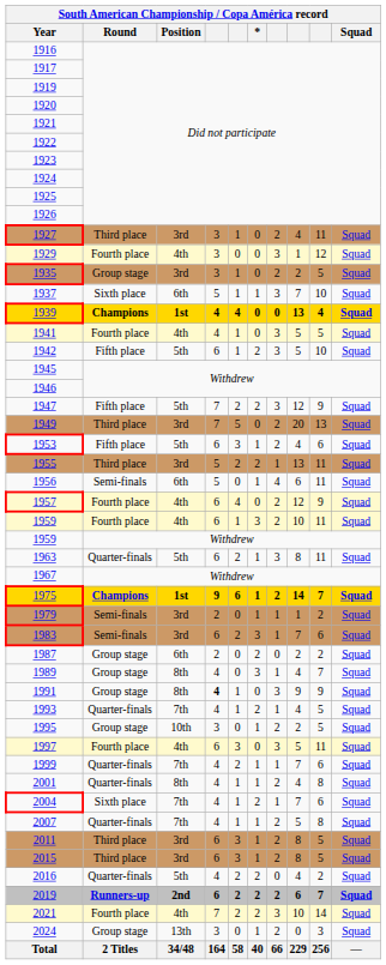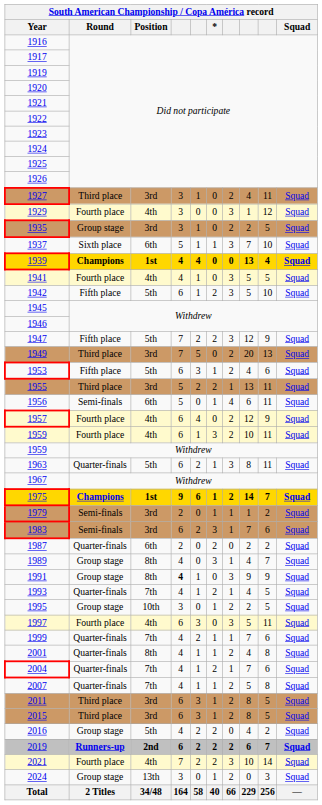 <table class="wikitable mw-collapsible mw-collapsed" style="text-align:center">
 <tr>
 <th colspan=10><a href='#'>South American Championship / Copa América</a> record</th>
 </tr>
 <tr>
 <th width=100>Year</th>
 <th width=95>Round</th>
 <th width=60>Position</th>
 <th width=20></th>
 <th width=20></th>
 <th width=20>*</th>
 <th width=20></th>
 <th width=20></th>
 <th width=20></th>
 <th width=60>Squad</th>
 </tr>
 <tr>
 <td> <a href='#'>1916</a></td>
 <td colspan=9 rowspan=10><em>Did not participate</em></td>
 </tr>
 <tr>
 <td> <a href='#'>1917</a></td>
 </tr>
 <tr>
 <td> <a href='#'>1919</a></td>
 </tr>
 <tr>
 <td> <a href='#'>1920</a></td>
 </tr>
 <tr>
 <td> <a href='#'>1921</a></td>
 </tr>
 <tr>
 <td> <a href='#'>1922</a></td>
 </tr>
 <tr>
 <td> <a href='#'>1923</a></td>
 </tr>
 <tr>
 <td> <a href='#'>1924</a></td>
 </tr>
 <tr>
 <td> <a href='#'>1925</a></td>
 </tr>
 <tr>
 <td> <a href='#'>1926</a></td>
 </tr>
 <tr style="background:#c96">
 <td style="border:3px solid red"> <a href='#'>1927</a></td>
 <td>Third place</td>
 <td>3rd</td>
 <td>3</td>
 <td>1</td>
 <td>0</td>
 <td>2</td>
 <td>4</td>
 <td>11</td>
 <td><a href='#'>Squad</a></td>
 </tr>
 <tr style="background:#fffacd">
 <td> <a href='#'>1929</a></td>
 <td>Fourth place</td>
 <td>4th</td>
 <td>3</td>
 <td>0</td>
 <td>0</td>
 <td>3</td>
 <td>1</td>
 <td>12</td>
 <td><a href='#'>Squad</a></td>
 </tr>
 <tr style="background:#c96">
 <td style="border:3px solid red"> <a href='#'>1935</a></td>
 <td>Group stage</td>
 <td>3rd</td>
 <td>3</td>
 <td>1</td>
 <td>0</td>
 <td>2</td>
 <td>2</td>
 <td>5</td>
 <td><a href='#'>Squad</a></td>
 </tr>
 <tr>
 <td> <a href='#'>1937</a></td>
 <td>Sixth place</td>
 <td>6th</td>
 <td>5</td>
 <td>1</td>
 <td>1</td>
 <td>3</td>
 <td>7</td>
 <td>10</td>
 <td><a href='#'>Squad</a></td>
 </tr>
 <tr style="background:gold">
 <td style="border:3px solid red"> <a href='#'>1939</a></td>
 <td><strong>Champions</strong></td>
 <td><strong>1st</strong></td>
 <td><strong>4</strong></td>
 <td><strong>4</strong></td>
 <td><strong>0</strong></td>
 <td><strong>0</strong></td>
 <td><strong>13</strong></td>
 <td><strong>4</strong></td>
 <td><strong><a href='#'>Squad</a></strong></td>
 </tr>
 <tr style="background:#fffacd">
 <td> <a href='#'>1941</a></td>
 <td>Fourth place</td>
 <td>4th</td>
 <td>4</td>
 <td>1</td>
 <td>0</td>
 <td>3</td>
 <td>5</td>
 <td>5</td>
 <td><a href='#'>Squad</a></td>
 </tr>
 <tr>
 <td> <a href='#'>1942</a></td>
 <td>Fifth place</td>
 <td>5th</td>
 <td>6</td>
 <td>1</td>
 <td>2</td>
 <td>3</td>
 <td>5</td>
 <td>10</td>
 <td><a href='#'>Squad</a></td>
 </tr>
 <tr>
 <td> <a href='#'>1945</a></td>
 <td colspan=9 rowspan=2><em>Withdrew</em></td>
 </tr>
 <tr>
 <td> <a href='#'>1946</a></td>
 </tr>
 <tr>
 <td> <a href='#'>1947</a></td>
 <td>Fifth place</td>
 <td>5th</td>
 <td>7</td>
 <td>2</td>
 <td>2</td>
 <td>3</td>
 <td>12</td>
 <td>9</td>
 <td><a href='#'>Squad</a></td>
 </tr>
 <tr style="background:#c96">
 <td> <a href='#'>1949</a></td>
 <td>Third place</td>
 <td>3rd</td>
 <td>7</td>
 <td>5</td>
 <td>0</td>
 <td>2</td>
 <td>20</td>
 <td>13</td>
 <td><a href='#'>Squad</a></td>
 </tr>
 <tr>
 <td style="border:3px solid red"> <a href='#'>1953</a></td>
 <td>Fifth place</td>
 <td>5th</td>
 <td>6</td>
 <td>3</td>
 <td>1</td>
 <td>2</td>
 <td>4</td>
 <td>6</td>
 <td><a href='#'>Squad</a></td>
 </tr>
 <tr style="background:#c96">
 <td> <a href='#'>1955</a></td>
 <td>Third place</td>
 <td>3rd</td>
 <td>5</td>
 <td>2</td>
 <td>2</td>
 <td>1</td>
 <td>13</td>
 <td>11</td>
 <td><a href='#'>Squad</a></td>
 </tr>
 <tr>
 <td> <a href='#'>1956</a></td>
 <td>Semi-finals</td>
 <td>6th</td>
 <td>5</td>
 <td>0</td>
 <td>1</td>
 <td>4</td>
 <td>6</td>
 <td>11</td>
 <td><a href='#'>Squad</a></td>
 </tr>
 <tr style="background:#fffacd">
 <td style="border:3px solid red"> <a href='#'>1957</a></td>
 <td>Fourth place</td>
 <td>4th</td>
 <td>6</td>
 <td>4</td>
 <td>0</td>
 <td>2</td>
 <td>12</td>
 <td>9</td>
 <td><a href='#'>Squad</a></td>
 </tr>
 <tr style="background:#fffacd">
 <td> <a href='#'>1959</a></td>
 <td>Fourth place</td>
 <td>4th</td>
 <td>6</td>
 <td>1</td>
 <td>3</td>
 <td>2</td>
 <td>10</td>
 <td>11</td>
 <td><a href='#'>Squad</a></td>
 </tr>
 <tr>
 <td> <a href='#'>1959</a></td>
 <td colspan=9><em>Withdrew</em></td>
 </tr>
 <tr>
 <td> <a href='#'>1963</a></td>
 <td>Quarter-finals</td>
 <td>5th</td>
 <td>6</td>
 <td>2</td>
 <td>1</td>
 <td>3</td>
 <td>8</td>
 <td>11</td>
 <td><a href='#'>Squad</a></td>
 </tr>
 <tr>
 <td> <a href='#'>1967</a></td>
 <td colspan=9><em>Withdrew</em></td>
 </tr>
 <tr style="background:gold">
 <td style="border:3px solid red"><a href='#'>1975</a></td>
 <td><strong><a href='#'>Champions</a></strong></td>
 <td><strong>1st</strong></td>
 <td><strong>9</strong></td>
 <td><strong>6</strong></td>
 <td><strong>1</strong></td>
 <td><strong>2</strong></td>
 <td><strong>14</strong></td>
 <td><strong>7</strong></td>
 <td><strong><a href='#'>Squad</a></strong></td>
 </tr>
 <tr style="background:#cc9966">
 <td style="border:3px solid red"><a href='#'>1979</a></td>
 <td>Semi-finals</td>
 <td>3rd</td>
 <td>2</td>
 <td>0</td>
 <td>1</td>
 <td>1</td>
 <td>1</td>
 <td>2</td>
 <td><a href='#'>Squad</a></td>
 </tr>
 <tr style="background:#cc9966">
 <td style="border:3px solid red"><a href='#'>1983</a></td>
 <td>Semi-finals</td>
 <td>3rd</td>
 <td>6</td>
 <td>2</td>
 <td>3</td>
 <td>1</td>
 <td>7</td>
 <td>6</td>
 <td><a href='#'>Squad</a></td>
 </tr>
 <tr>
 <td> <a href='#'>1987</a></td>
-<td>Group stage</td>
+<td>Quarter-finals</td>
 <td>6th</td>
 <td>2</td>
 <td>0</td>
 <td>2</td>
 <td>0</td>
 <td>2</td>
 <td>2</td>
 <td><a href='#'>Squad</a></td>
 </tr>
 <tr>
 <td> <a href='#'>1989</a></td>
 <td>Group stage</td>
 <td>8th</td>
 <td>4</td>
 <td>0</td>
 <td>3</td>
 <td>1</td>
 <td>4</td>
 <td>7</td>
 <td><a href='#'>Squad</a></td>
 </tr>
 <tr>
 <td> <a href='#'>1991</a></td>
 <td>Group stage</td>
 <td>8th</td>
 <td><strong>4</strong></td>
 <td>1</td>
 <td>0</td>
 <td>3</td>
 <td>9</td>
 <td>9</td>
 <td><a href='#'>Squad</a></td>
 </tr>
 <tr>
 <td> <a href='#'>1993</a></td>
 <td>Quarter-finals</td>
 <td>7th</td>
 <td>4</td>
 <td>1</td>
 <td>2</td>
 <td>1</td>
 <td>4</td>
 <td>5</td>
 <td><a href='#'>Squad</a></td>
 </tr>
 <tr>
 <td> <a href='#'>1995</a></td>
 <td>Group stage</td>
 <td>10th</td>
 <td>3</td>
 <td>0</td>
 <td>1</td>
 <td>2</td>
 <td>2</td>
 <td>5</td>
 <td><a href='#'>Squad</a></td>
 </tr>
 <tr style="background:#fffacd">
 <td> <a href='#'>1997</a></td>
 <td>Fourth place</td>
 <td>4th</td>
 <td>6</td>
 <td>3</td>
 <td>0</td>
 <td>3</td>
 <td>5</td>
 <td>11</td>
 <td><a href='#'>Squad</a></td>
 </tr>
 <tr>
 <td> <a href='#'>1999</a></td>
 <td>Quarter-finals</td>
 <td>7th</td>
 <td>4</td>
 <td>2</td>
 <td>1</td>
 <td>1</td>
 <td>7</td>
 <td>6</td>
 <td><a href='#'>Squad</a></td>
 </tr>
 <tr>
 <td> <a href='#'>2001</a></td>
 <td>Quarter-finals</td>
 <td>8th</td>
 <td>4</td>
 <td>1</td>
 <td>1</td>
 <td>2</td>
 <td>4</td>
 <td>8</td>
 <td><a href='#'>Squad</a></td>
 </tr>
 <tr>
 <td style="border:3px solid red"> <a href='#'>2004</a></td>
-<td>Sixth place</td>
+<td>Quarter-finals</td>
 <td>7th</td>
 <td>4</td>
 <td>1</td>
 <td>2</td>
 <td>1</td>
 <td>7</td>
 <td>6</td>
 <td><a href='#'>Squad</a></td>
 </tr>
 <tr>
 <td> <a href='#'>2007</a></td>
 <td>Quarter-finals</td>
 <td>7th</td>
 <td>4</td>
 <td>1</td>
 <td>1</td>
 <td>2</td>
 <td>5</td>
 <td>8</td>
 <td><a href='#'>Squad</a></td>
 </tr>
 <tr style="background:#c96">
 <td> <a href='#'>2011</a></td>
 <td>Third place</td>
 <td>3rd</td>
 <td>6</td>
 <td>3</td>
 <td>1</td>
 <td>2</td>
 <td>8</td>
 <td>5</td>
 <td><a href='#'>Squad</a></td>
 </tr>
 <tr style="background:#c96">
 <td> <a href='#'>2015</a></td>
 <td>Third place</td>
 <td>3rd</td>
 <td>6</td>
 <td>3</td>
 <td>1</td>
 <td>2</td>
 <td>8</td>
 <td>5</td>
 <td><a href='#'>Squad</a></td>
 </tr>
 <tr>
 <td> <a href='#'>2016</a></td>
-<td>Quarter-finals</td>
+<td>Group stage</td>
 <td>5th</td>
 <td>4</td>
 <td>2</td>
 <td>2</td>
 <td>0</td>
 <td>4</td>
 <td>2</td>
 <td><a href='#'>Squad</a></td>
 </tr>
 <tr style="background:silver">
 <td> <a href='#'>2019</a></td>
 <td><strong><a href='#'>Runners-up</a></strong></td>
 <td><strong>2nd</strong></td>
 <td><strong>6</strong></td>
 <td><strong>2</strong></td>
 <td><strong>2</strong></td>
 <td><strong>2</strong></td>
 <td><strong>6</strong></td>
 <td><strong>7</strong></td>
 <td><strong><a href='#'>Squad</a></strong></td>
 </tr>
 <tr style="background:#fffacd">
 <td> <a href='#'>2021</a></td>
 <td>Fourth place</td>
 <td>4th</td>
 <td>7</td>
 <td>2</td>
 <td>2</td>
 <td>3</td>
 <td>10</td>
 <td>14</td>
 <td><a href='#'>Squad</a></td>
 </tr>
 <tr>
 <td> <a href='#'>2024</a></td>
 <td>Group stage</td>
 <td>13th</td>
 <td>3</td>
 <td>0</td>
 <td>1</td>
 <td>2</td>
 <td>0</td>
 <td>3</td>
 <td><a href='#'>Squad</a></td>
 </tr>
 <tr>
 <th>Total</th>
 <th>2 Titles</th>
 <th>34/48</th>
 <th>164</th>
 <th>58</th>
 <th>40</th>
 <th>66</th>
 <th>229</th>
 <th>256</th>
 <th>—</th>
 </tr>
 </table>
